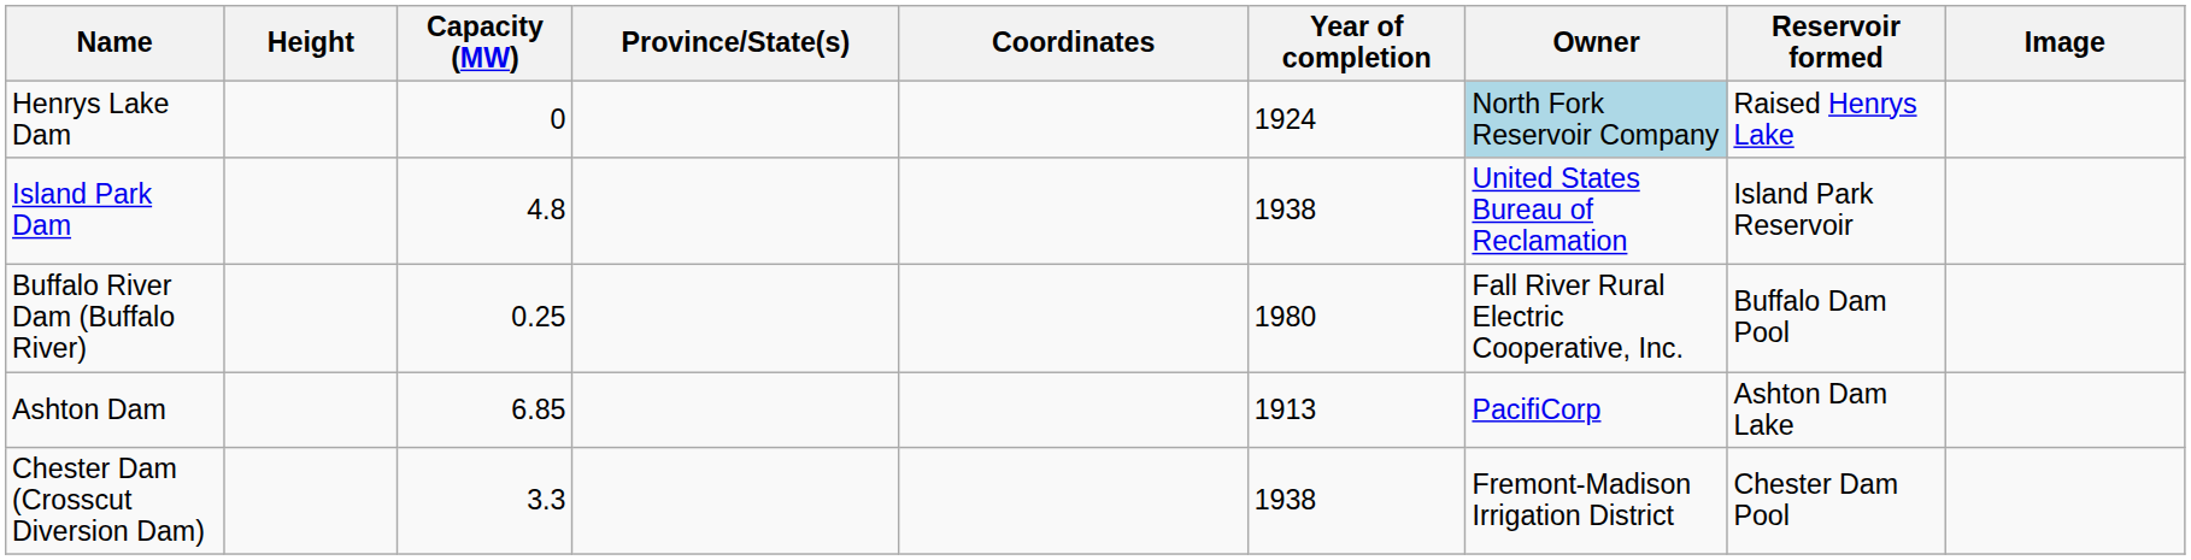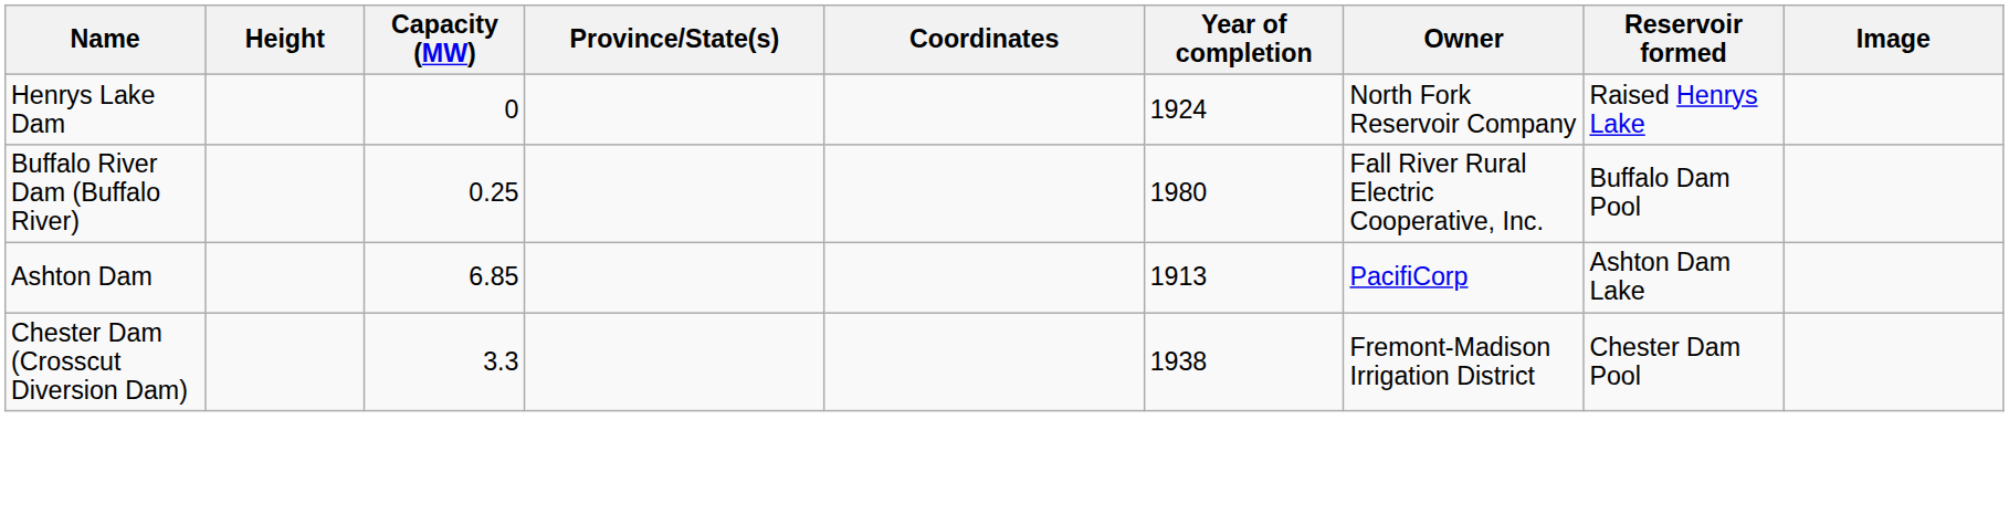 <table class="wikitable sortable" border="1">
 <tr>
 <th width="10%">Name</th>
 <th width="8%">Height</th>
 <th width="8%">Capacity (<a href='#'>MW</a>)</th>
 <th width="15%">Province/State(s)</th>
 <th width="16%">Coordinates</th>
 <th width="10%">Year of completion</th>
 <th width="12%">Owner</th>
 <th width="10%">Reservoir formed</th>
 <th>Image</th>
 </tr>
 <tr>
 <td>Henrys Lake Dam</td>
 <td></td>
 <td align="right">0</td>
 <td></td>
 <td></td>
 <td>1924</td>
-<td style="background: lightblue;">North Fork Reservoir Company</td>
+<td>North Fork Reservoir Company</td>
 <td>Raised <a href='#'>Henrys Lake</a></td>
-<td></td>
-</tr>
-<tr>
-<td><a href='#'>Island Park Dam</a></td>
-<td></td>
-<td align="right">4.8</td>
-<td></td>
-<td></td>
-<td>1938</td>
-<td><a href='#'>United States Bureau of Reclamation</a></td>
-<td>Island Park Reservoir</td>
 <td></td>
 </tr>
 <tr>
 <td>Buffalo River Dam (Buffalo River)</td>
 <td></td>
 <td align="right">0.25</td>
 <td></td>
 <td></td>
 <td>1980</td>
 <td>Fall River Rural Electric Cooperative, Inc.</td>
 <td>Buffalo Dam Pool</td>
 <td></td>
 </tr>
 <tr>
 <td>Ashton Dam</td>
 <td></td>
 <td align="right">6.85</td>
 <td></td>
 <td></td>
 <td>1913</td>
 <td><a href='#'>PacifiCorp</a></td>
 <td>Ashton Dam Lake</td>
 <td></td>
 </tr>
 <tr>
 <td>Chester Dam (Crosscut Diversion Dam)</td>
 <td></td>
 <td align="right">3.3</td>
 <td></td>
 <td></td>
 <td>1938</td>
 <td>Fremont-Madison Irrigation District</td>
 <td>Chester Dam Pool</td>
 <td></td>
 </tr>
 </table>
